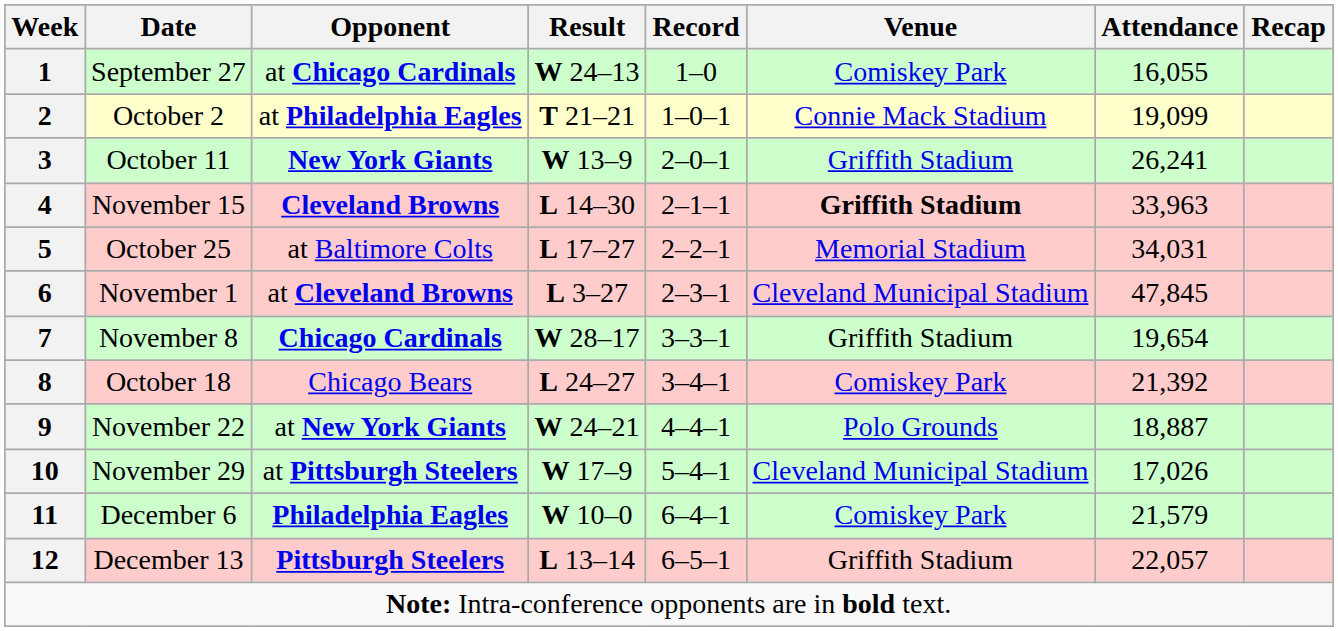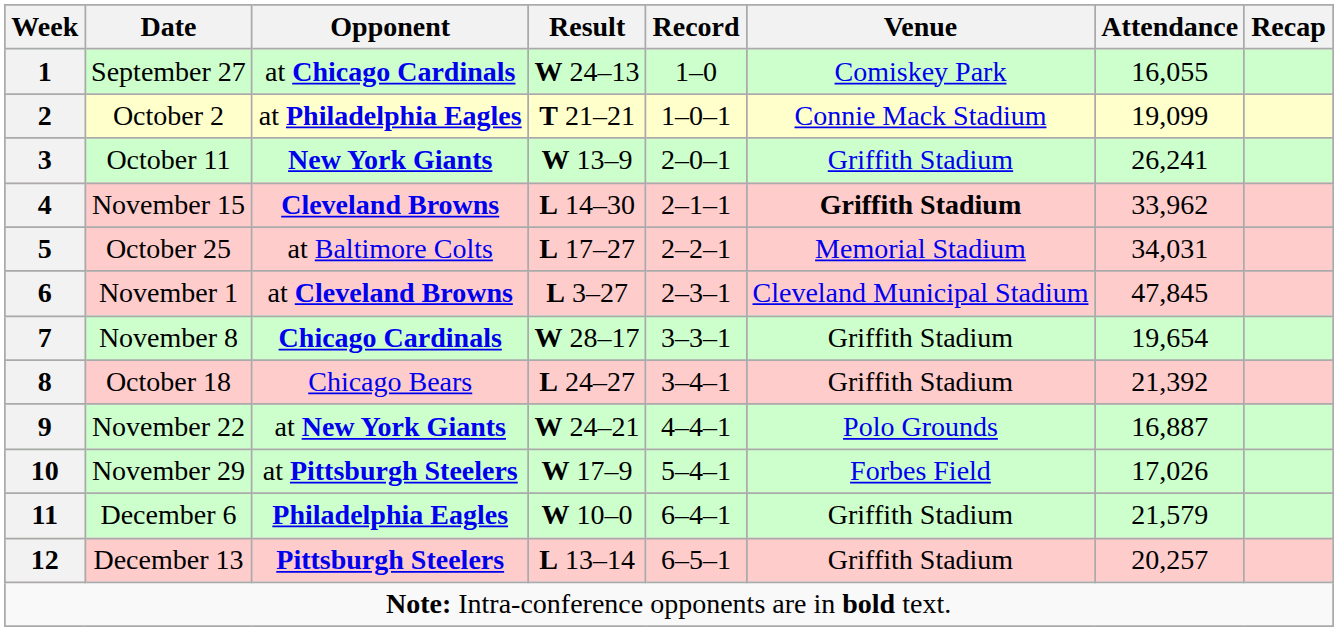 <table class="wikitable" style="text-align:center">
 <tr>
 <th>Week</th>
 <th>Date</th>
 <th>Opponent</th>
 <th>Result</th>
 <th>Record</th>
 <th>Venue</th>
 <th>Attendance</th>
 <th>Recap</th>
 </tr>
 <tr style="background:#cfc">
 <th>1</th>
 <td>September 27</td>
 <td>at <strong><a href='#'>Chicago Cardinals</a></strong></td>
 <td><strong>W</strong> 24–13</td>
 <td>1–0</td>
 <td><a href='#'>Comiskey Park</a></td>
 <td>16,055</td>
 <td></td>
 </tr>
 <tr style="background:#ffc">
 <th>2</th>
 <td>October 2</td>
 <td>at <strong><a href='#'>Philadelphia Eagles</a></strong></td>
 <td><strong>T</strong> 21–21</td>
 <td>1–0–1</td>
 <td><a href='#'>Connie Mack Stadium</a></td>
 <td>19,099</td>
 <td></td>
 </tr>
 <tr style="background:#cfc">
 <th>3</th>
 <td>October 11</td>
 <td><strong><a href='#'>New York Giants</a></strong></td>
 <td><strong>W</strong> 13–9</td>
 <td>2–0–1</td>
 <td><a href='#'>Griffith Stadium</a></td>
 <td>26,241</td>
 <td></td>
 </tr>
 <tr style="background:#fcc">
 <th>4</th>
 <td>November 15</td>
 <td><strong><a href='#'>Cleveland Browns</a></strong></td>
 <td><strong>L</strong> 14–30</td>
 <td>2–1–1</td>
 <td><strong>Griffith Stadium</strong></td>
-<td>33,963</td>
+<td>33,962</td>
 <td></td>
 </tr>
 <tr style="background:#fcc">
 <th>5</th>
 <td>October 25</td>
 <td>at <a href='#'>Baltimore Colts</a></td>
 <td><strong>L</strong> 17–27</td>
 <td>2–2–1</td>
 <td><a href='#'>Memorial Stadium</a></td>
 <td>34,031</td>
 <td></td>
 </tr>
 <tr style="background:#fcc">
 <th>6</th>
 <td>November 1</td>
 <td>at <strong><a href='#'>Cleveland Browns</a></strong></td>
 <td><strong>L</strong> 3–27</td>
 <td>2–3–1</td>
 <td><a href='#'>Cleveland Municipal Stadium</a></td>
 <td>47,845</td>
 <td></td>
 </tr>
 <tr style="background:#cfc">
 <th>7</th>
 <td>November 8</td>
 <td><strong><a href='#'>Chicago Cardinals</a></strong></td>
 <td><strong>W</strong> 28–17</td>
 <td>3–3–1</td>
 <td>Griffith Stadium</td>
 <td>19,654</td>
 <td></td>
 </tr>
 <tr style="background:#fcc">
 <th>8</th>
 <td>October 18</td>
 <td><a href='#'>Chicago Bears</a></td>
 <td><strong>L</strong> 24–27</td>
 <td>3–4–1</td>
-<td><a href='#'>Comiskey Park</a></td>
+<td>Griffith Stadium</td>
 <td>21,392</td>
 <td></td>
 </tr>
 <tr style="background:#cfc">
 <th>9</th>
 <td>November 22</td>
 <td>at <strong><a href='#'>New York Giants</a></strong></td>
 <td><strong>W</strong> 24–21</td>
 <td>4–4–1</td>
 <td><a href='#'>Polo Grounds</a></td>
-<td>18,887</td>
+<td>16,887</td>
 <td></td>
 </tr>
 <tr style="background:#cfc">
 <th>10</th>
 <td>November 29</td>
 <td>at <strong><a href='#'>Pittsburgh Steelers</a></strong></td>
 <td><strong>W</strong> 17–9</td>
 <td>5–4–1</td>
-<td><a href='#'>Cleveland Municipal Stadium</a></td>
+<td><a href='#'>Forbes Field</a></td>
 <td>17,026</td>
 <td></td>
 </tr>
 <tr style="background:#cfc">
 <th>11</th>
 <td>December 6</td>
 <td><strong><a href='#'>Philadelphia Eagles</a></strong></td>
 <td><strong>W</strong> 10–0</td>
 <td>6–4–1</td>
-<td><a href='#'>Comiskey Park</a></td>
+<td>Griffith Stadium</td>
 <td>21,579</td>
 <td></td>
 </tr>
 <tr style="background:#fcc">
 <th>12</th>
 <td>December 13</td>
 <td><strong><a href='#'>Pittsburgh Steelers</a></strong></td>
 <td><strong>L</strong> 13–14</td>
 <td>6–5–1</td>
 <td>Griffith Stadium</td>
-<td>22,057</td>
+<td>20,257</td>
 <td></td>
 </tr>
 <tr>
 <td colspan="8"><strong>Note:</strong> Intra-conference opponents are in <strong>bold</strong> text.</td>
 </tr>
 </table>
